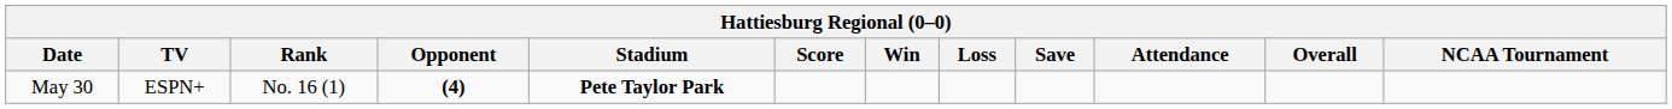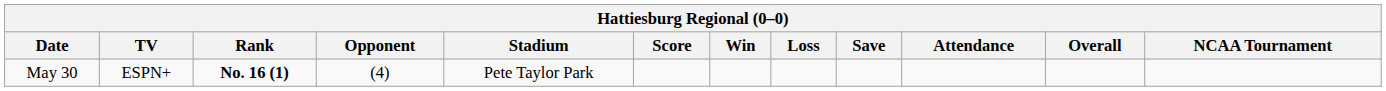 <table class="wikitable collapsible" style="margin:auto; width:100%; text-align:center; font-size:95%">
 <tr>
 <th colspan=12>Hattiesburg Regional (0–0)</th>
 </tr>
 <tr>
 <th>Date</th>
 <th>TV</th>
 <th>Rank</th>
 <th>Opponent</th>
 <th>Stadium</th>
 <th>Score</th>
 <th>Win</th>
 <th>Loss</th>
 <th>Save</th>
 <th>Attendance</th>
 <th>Overall</th>
 <th>NCAA Tournament</th>
 </tr>
 <tr style="background:#">
 <td>May 30</td>
 <td>ESPN+</td>
-<td>No. 16 (1)</td>
-<td><strong>(4) </strong></td>
-<td><strong>Pete Taylor Park</strong></td>
+<td><strong>No. 16 (1)</strong></td>
+<td>(4) </td>
+<td>Pete Taylor Park</td>
 <td></td>
 <td></td>
 <td></td>
 <td></td>
 <td></td>
 <td></td>
 <td></td>
 </tr>
 </table>
